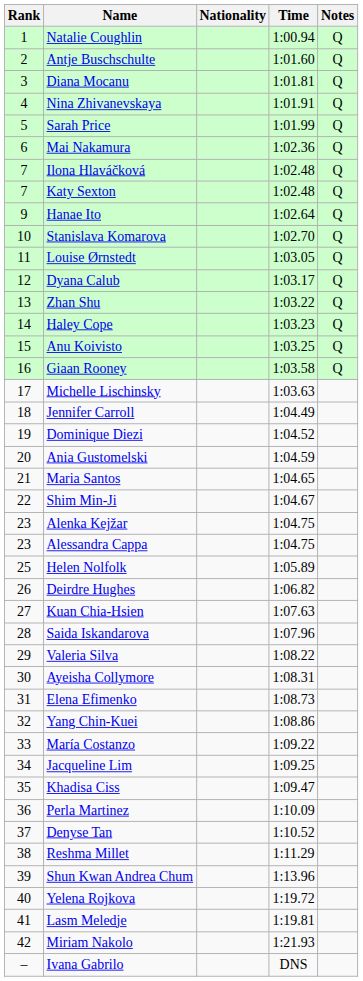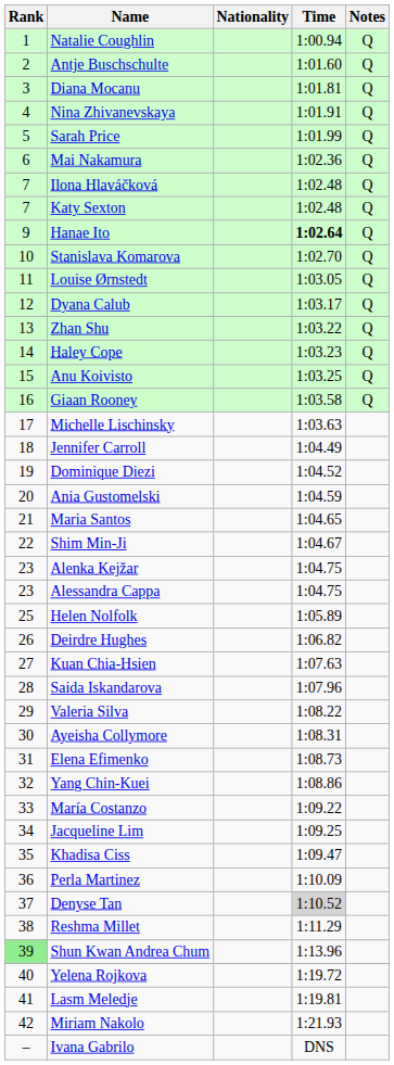 <table class="wikitable sortable" style="text-align:center">
 <tr>
 <th>Rank</th>
 <th>Name</th>
 <th>Nationality</th>
 <th>Time</th>
 <th>Notes</th>
 </tr>
 <tr bgcolor=ccffcc>
 <td>1</td>
 <td align=left><a href='#'>Natalie Coughlin</a></td>
 <td align=left></td>
 <td>1:00.94</td>
 <td>Q</td>
 </tr>
 <tr bgcolor=ccffcc>
 <td>2</td>
 <td align=left><a href='#'>Antje Buschschulte</a></td>
 <td align=left></td>
 <td>1:01.60</td>
 <td>Q</td>
 </tr>
 <tr bgcolor=ccffcc>
 <td>3</td>
 <td align=left><a href='#'>Diana Mocanu</a></td>
 <td align=left></td>
 <td>1:01.81</td>
 <td>Q</td>
 </tr>
 <tr bgcolor=ccffcc>
 <td>4</td>
 <td align=left><a href='#'>Nina Zhivanevskaya</a></td>
 <td align=left></td>
 <td>1:01.91</td>
 <td>Q</td>
 </tr>
 <tr bgcolor=ccffcc>
 <td>5</td>
 <td align=left><a href='#'>Sarah Price</a></td>
 <td align=left></td>
 <td>1:01.99</td>
 <td>Q</td>
 </tr>
 <tr bgcolor=ccffcc>
 <td>6</td>
 <td align=left><a href='#'>Mai Nakamura</a></td>
 <td align=left></td>
 <td>1:02.36</td>
 <td>Q</td>
 </tr>
 <tr bgcolor=ccffcc>
 <td>7</td>
 <td align=left><a href='#'>Ilona Hlaváčková</a></td>
 <td align=left></td>
 <td>1:02.48</td>
 <td>Q</td>
 </tr>
 <tr bgcolor=ccffcc>
 <td>7</td>
 <td align=left><a href='#'>Katy Sexton</a></td>
 <td align=left></td>
 <td>1:02.48</td>
 <td>Q</td>
 </tr>
 <tr bgcolor=ccffcc>
 <td>9</td>
 <td align=left><a href='#'>Hanae Ito</a></td>
 <td align=left></td>
-<td>1:02.64</td>
+<td><strong>1:02.64</strong></td>
 <td>Q</td>
 </tr>
 <tr bgcolor=ccffcc>
 <td>10</td>
 <td align=left><a href='#'>Stanislava Komarova</a></td>
 <td align=left></td>
 <td>1:02.70</td>
 <td>Q</td>
 </tr>
 <tr bgcolor=ccffcc>
 <td>11</td>
 <td align=left><a href='#'>Louise Ørnstedt</a></td>
 <td align=left></td>
 <td>1:03.05</td>
 <td>Q</td>
 </tr>
 <tr bgcolor=ccffcc>
 <td>12</td>
 <td align=left><a href='#'>Dyana Calub</a></td>
 <td align=left></td>
 <td>1:03.17</td>
 <td>Q</td>
 </tr>
 <tr bgcolor=ccffcc>
 <td>13</td>
 <td align=left><a href='#'>Zhan Shu</a></td>
 <td align=left></td>
 <td>1:03.22</td>
 <td>Q</td>
 </tr>
 <tr bgcolor=ccffcc>
 <td>14</td>
 <td align=left><a href='#'>Haley Cope</a></td>
 <td align=left></td>
 <td>1:03.23</td>
 <td>Q</td>
 </tr>
 <tr bgcolor=ccffcc>
 <td>15</td>
 <td align=left><a href='#'>Anu Koivisto</a></td>
 <td align=left></td>
 <td>1:03.25</td>
 <td>Q</td>
 </tr>
 <tr bgcolor=ccffcc>
 <td>16</td>
 <td align=left><a href='#'>Giaan Rooney</a></td>
 <td align=left></td>
 <td>1:03.58</td>
 <td>Q</td>
 </tr>
 <tr>
 <td>17</td>
 <td align=left><a href='#'>Michelle Lischinsky</a></td>
 <td align=left></td>
 <td>1:03.63</td>
 <td></td>
 </tr>
 <tr>
 <td>18</td>
 <td align=left><a href='#'>Jennifer Carroll</a></td>
 <td align=left></td>
 <td>1:04.49</td>
 <td></td>
 </tr>
 <tr>
 <td>19</td>
 <td align=left><a href='#'>Dominique Diezi</a></td>
 <td align=left></td>
 <td>1:04.52</td>
 <td></td>
 </tr>
 <tr>
 <td>20</td>
 <td align=left><a href='#'>Ania Gustomelski</a></td>
 <td align=left></td>
 <td>1:04.59</td>
 <td></td>
 </tr>
 <tr>
 <td>21</td>
 <td align=left><a href='#'>Maria Santos</a></td>
 <td align=left></td>
 <td>1:04.65</td>
 <td></td>
 </tr>
 <tr>
 <td>22</td>
 <td align=left><a href='#'>Shim Min-Ji</a></td>
 <td align=left></td>
 <td>1:04.67</td>
 <td></td>
 </tr>
 <tr>
 <td>23</td>
 <td align=left><a href='#'>Alenka Kejžar</a></td>
 <td align=left></td>
 <td>1:04.75</td>
 <td></td>
 </tr>
 <tr>
 <td>23</td>
 <td align=left><a href='#'>Alessandra Cappa</a></td>
 <td align=left></td>
 <td>1:04.75</td>
 <td></td>
 </tr>
 <tr>
 <td>25</td>
 <td align=left><a href='#'>Helen Nolfolk</a></td>
 <td align=left></td>
 <td>1:05.89</td>
 <td></td>
 </tr>
 <tr>
 <td>26</td>
 <td align=left><a href='#'>Deirdre Hughes</a></td>
 <td align=left></td>
 <td>1:06.82</td>
 <td></td>
 </tr>
 <tr>
 <td>27</td>
 <td align=left><a href='#'>Kuan Chia-Hsien</a></td>
 <td align=left></td>
 <td>1:07.63</td>
 <td></td>
 </tr>
 <tr>
 <td>28</td>
 <td align=left><a href='#'>Saida Iskandarova</a></td>
 <td align=left></td>
 <td>1:07.96</td>
 <td></td>
 </tr>
 <tr>
 <td>29</td>
 <td align=left><a href='#'>Valeria Silva</a></td>
 <td align=left></td>
 <td>1:08.22</td>
 <td></td>
 </tr>
 <tr>
 <td>30</td>
 <td align=left><a href='#'>Ayeisha Collymore</a></td>
 <td align=left></td>
 <td>1:08.31</td>
 <td></td>
 </tr>
 <tr>
 <td>31</td>
 <td align=left><a href='#'>Elena Efimenko</a></td>
 <td align=left></td>
 <td>1:08.73</td>
 <td></td>
 </tr>
 <tr>
 <td>32</td>
 <td align=left><a href='#'>Yang Chin-Kuei</a></td>
 <td align=left></td>
 <td>1:08.86</td>
 <td></td>
 </tr>
 <tr>
 <td>33</td>
 <td align=left><a href='#'>María Costanzo</a></td>
 <td align=left></td>
 <td>1:09.22</td>
 <td></td>
 </tr>
 <tr>
 <td>34</td>
 <td align=left><a href='#'>Jacqueline Lim</a></td>
 <td align=left></td>
 <td>1:09.25</td>
 <td></td>
 </tr>
 <tr>
 <td>35</td>
 <td align=left><a href='#'>Khadisa Ciss</a></td>
 <td align=left></td>
 <td>1:09.47</td>
 <td></td>
 </tr>
 <tr>
 <td>36</td>
 <td align=left><a href='#'>Perla Martinez</a></td>
 <td align=left></td>
 <td>1:10.09</td>
 <td></td>
 </tr>
 <tr>
 <td>37</td>
 <td align=left><a href='#'>Denyse Tan</a></td>
 <td align=left></td>
-<td>1:10.52</td>
+<td style="background: lightgrey;">1:10.52</td>
 <td></td>
 </tr>
 <tr>
 <td>38</td>
 <td align=left><a href='#'>Reshma Millet</a></td>
 <td align=left></td>
 <td>1:11.29</td>
 <td></td>
 </tr>
 <tr>
-<td>39</td>
+<td style="background: lightgreen;">39</td>
 <td align=left><a href='#'>Shun Kwan Andrea Chum</a></td>
 <td align=left></td>
 <td>1:13.96</td>
 <td></td>
 </tr>
 <tr>
 <td>40</td>
 <td align=left><a href='#'>Yelena Rojkova</a></td>
 <td align=left></td>
 <td>1:19.72</td>
 <td></td>
 </tr>
 <tr>
 <td>41</td>
 <td align=left><a href='#'>Lasm Meledje</a></td>
 <td align=left></td>
 <td>1:19.81</td>
 <td></td>
 </tr>
 <tr>
 <td>42</td>
 <td align=left><a href='#'>Miriam Nakolo</a></td>
 <td align=left></td>
 <td>1:21.93</td>
 <td></td>
 </tr>
 <tr>
 <td>–</td>
 <td align=left><a href='#'>Ivana Gabrilo</a></td>
 <td align=left></td>
 <td>DNS</td>
 <td></td>
 </tr>
 </table>
